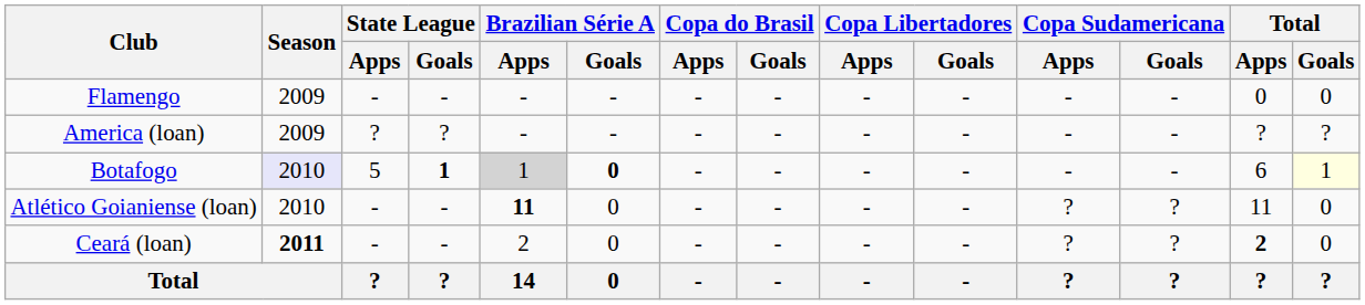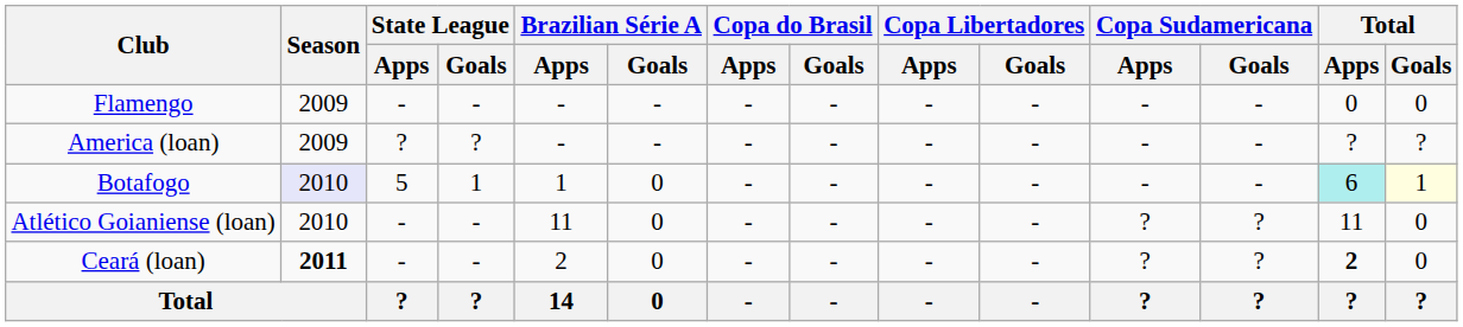 <table class="wikitable" style="text-align: center;">
 <tr>
 <th rowspan="2">Club</th>
 <th rowspan="2">Season</th>
 <th colspan="2">State League</th>
 <th colspan="2"><a href='#'>Brazilian Série A</a></th>
 <th colspan="2"><a href='#'>Copa do Brasil</a></th>
 <th colspan="2"><a href='#'>Copa Libertadores</a></th>
 <th colspan="2"><a href='#'>Copa Sudamericana</a></th>
 <th colspan="2">Total</th>
 </tr>
 <tr>
 <th>Apps</th>
 <th>Goals</th>
 <th>Apps</th>
 <th>Goals</th>
 <th>Apps</th>
 <th>Goals</th>
 <th>Apps</th>
 <th>Goals</th>
 <th>Apps</th>
 <th>Goals</th>
 <th>Apps</th>
 <th>Goals</th>
 </tr>
 <tr>
 <td rowspan="1" valign="center"><a href='#'>Flamengo</a></td>
 <td>2009</td>
 <td>-</td>
 <td>-</td>
 <td>-</td>
 <td>-</td>
 <td>-</td>
 <td>-</td>
 <td>-</td>
 <td>-</td>
 <td>-</td>
 <td>-</td>
 <td>0</td>
 <td>0</td>
 </tr>
 <tr>
 <td rowspan="1" valign="center"><a href='#'>America</a> (loan)</td>
 <td>2009</td>
 <td>?</td>
 <td>?</td>
 <td>-</td>
 <td>-</td>
 <td>-</td>
 <td>-</td>
 <td>-</td>
 <td>-</td>
 <td>-</td>
 <td>-</td>
 <td>?</td>
 <td>?</td>
 </tr>
 <tr>
 <td rowspan="1" valign="center"><a href='#'>Botafogo</a></td>
 <td style="background: lavender;">2010</td>
 <td>5</td>
-<td><strong>1</strong></td>
-<td style="background: lightgrey;">1</td>
-<td><strong>0</strong></td>
+<td>1</td>
+<td>1</td>
+<td>0</td>
 <td>-</td>
 <td>-</td>
 <td>-</td>
 <td>-</td>
 <td>-</td>
 <td>-</td>
-<td>6</td>
+<td style="background: paleturquoise;">6</td>
 <td style="background: lightyellow;">1</td>
 </tr>
 <tr>
 <td rowspan="1" valign="center"><a href='#'>Atlético Goianiense</a> (loan)</td>
 <td>2010</td>
 <td>-</td>
 <td>-</td>
-<td><strong>11</strong></td>
+<td>11</td>
 <td>0</td>
 <td>-</td>
 <td>-</td>
 <td>-</td>
 <td>-</td>
 <td>?</td>
 <td>?</td>
 <td>11</td>
 <td>0</td>
 </tr>
 <tr>
 <td rowspan="1" valign="center"><a href='#'>Ceará</a> (loan)</td>
 <td><strong>2011</strong></td>
 <td>-</td>
 <td>-</td>
 <td>2</td>
 <td>0</td>
 <td>-</td>
 <td>-</td>
 <td>-</td>
 <td>-</td>
 <td>?</td>
 <td>?</td>
 <td><strong>2</strong></td>
 <td>0</td>
 </tr>
 <tr>
 <th colspan="2"><strong>Total</strong></th>
 <th>?</th>
 <th>?</th>
 <th>14</th>
 <th>0</th>
 <th>-</th>
 <th>-</th>
 <th>-</th>
 <th>-</th>
 <th>?</th>
 <th>?</th>
 <th>?</th>
 <th>?</th>
 </tr>
 </table>
